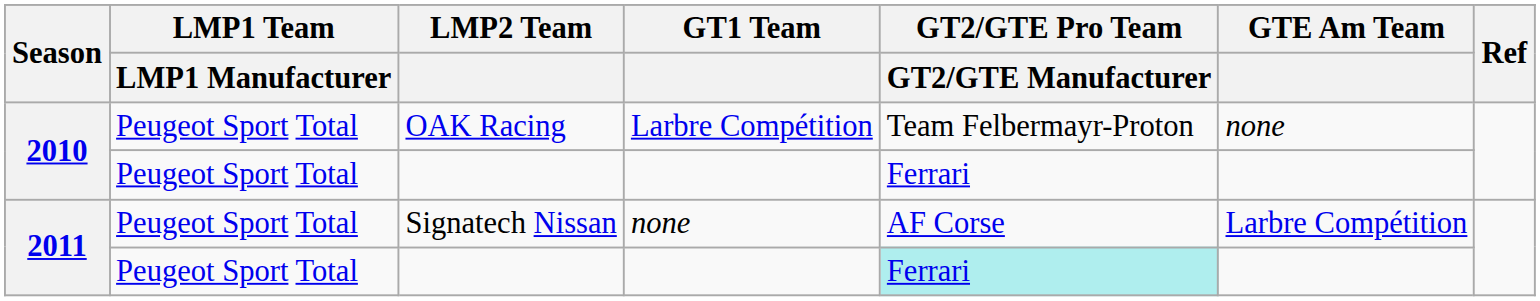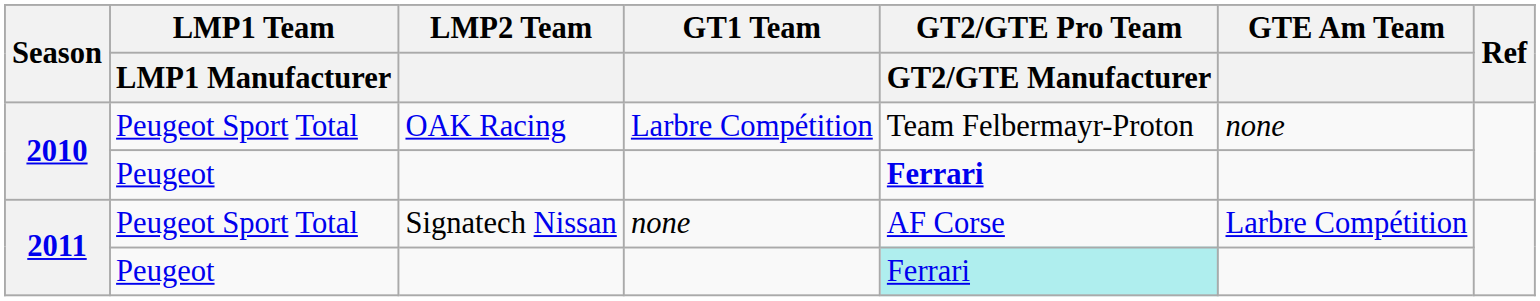 <table class="wikitable">
 <tr>
 <th rowspan=2>Season</th>
 <th>LMP1 Team</th>
 <th>LMP2 Team</th>
 <th>GT1 Team</th>
 <th>GT2/GTE Pro Team</th>
 <th>GTE Am Team</th>
 <th rowspan=2>Ref</th>
 </tr>
 <tr>
 <th>LMP1 Manufacturer</th>
 <th></th>
 <th></th>
 <th>GT2/GTE Manufacturer</th>
 <th></th>
 </tr>
 <tr>
 <th rowspan=2><a href='#'>2010</a></th>
 <td> <a href='#'>Peugeot Sport</a> <a href='#'>Total</a></td>
 <td> <a href='#'>OAK Racing</a></td>
 <td> <a href='#'>Larbre Compétition</a></td>
 <td> Team Felbermayr-Proton</td>
 <td><em>none</em></td>
 <td rowspan=2></td>
 </tr>
 <tr>
-<td> <a href='#'>Peugeot Sport</a> <a href='#'>Total</a></td>
+<td> <a href='#'>Peugeot</a></td>
 <td></td>
 <td></td>
-<td> <a href='#'>Ferrari</a></td>
+<td><strong> <a href='#'>Ferrari</a></strong></td>
 <td></td>
 </tr>
 <tr>
 <th rowspan=2><a href='#'>2011</a></th>
 <td> <a href='#'>Peugeot Sport</a> <a href='#'>Total</a></td>
 <td> Signatech <a href='#'>Nissan</a></td>
 <td><em>none</em></td>
 <td> <a href='#'>AF Corse</a></td>
 <td> <a href='#'>Larbre Compétition</a></td>
 <td rowspan=2></td>
 </tr>
 <tr>
-<td> <a href='#'>Peugeot Sport</a> <a href='#'>Total</a></td>
+<td> <a href='#'>Peugeot</a></td>
 <td></td>
 <td></td>
 <td style="background: paleturquoise;"> <a href='#'>Ferrari</a></td>
 <td></td>
 </tr>
 </table>
